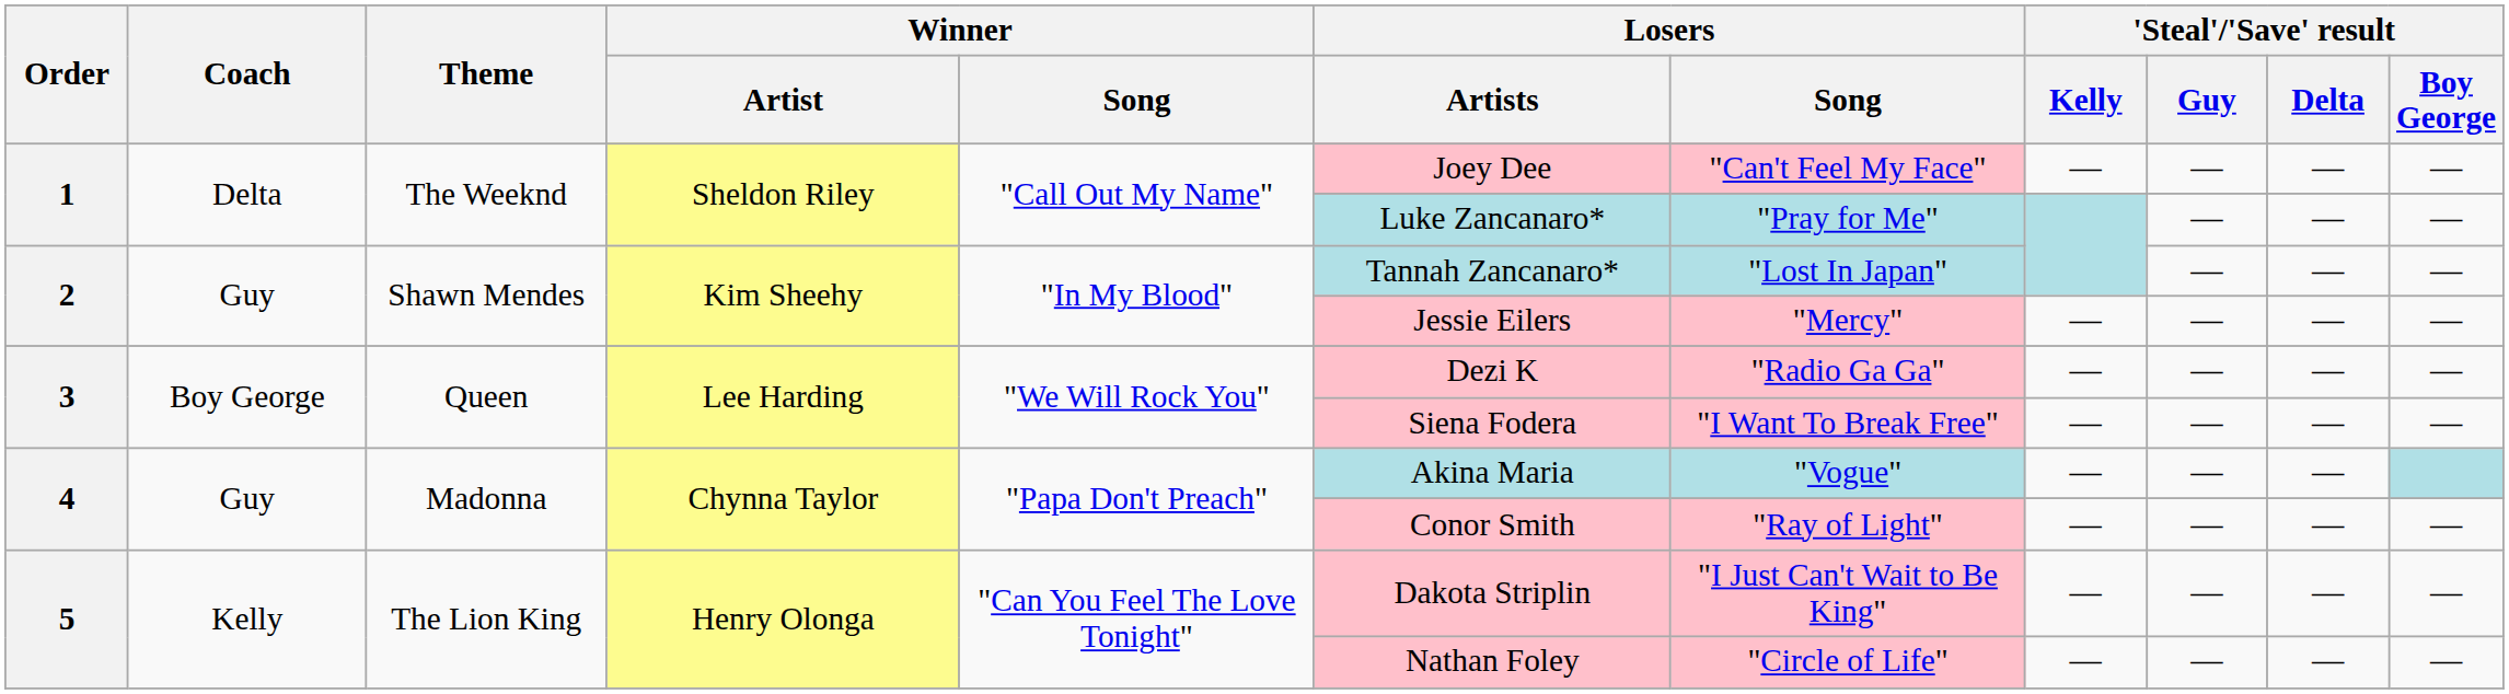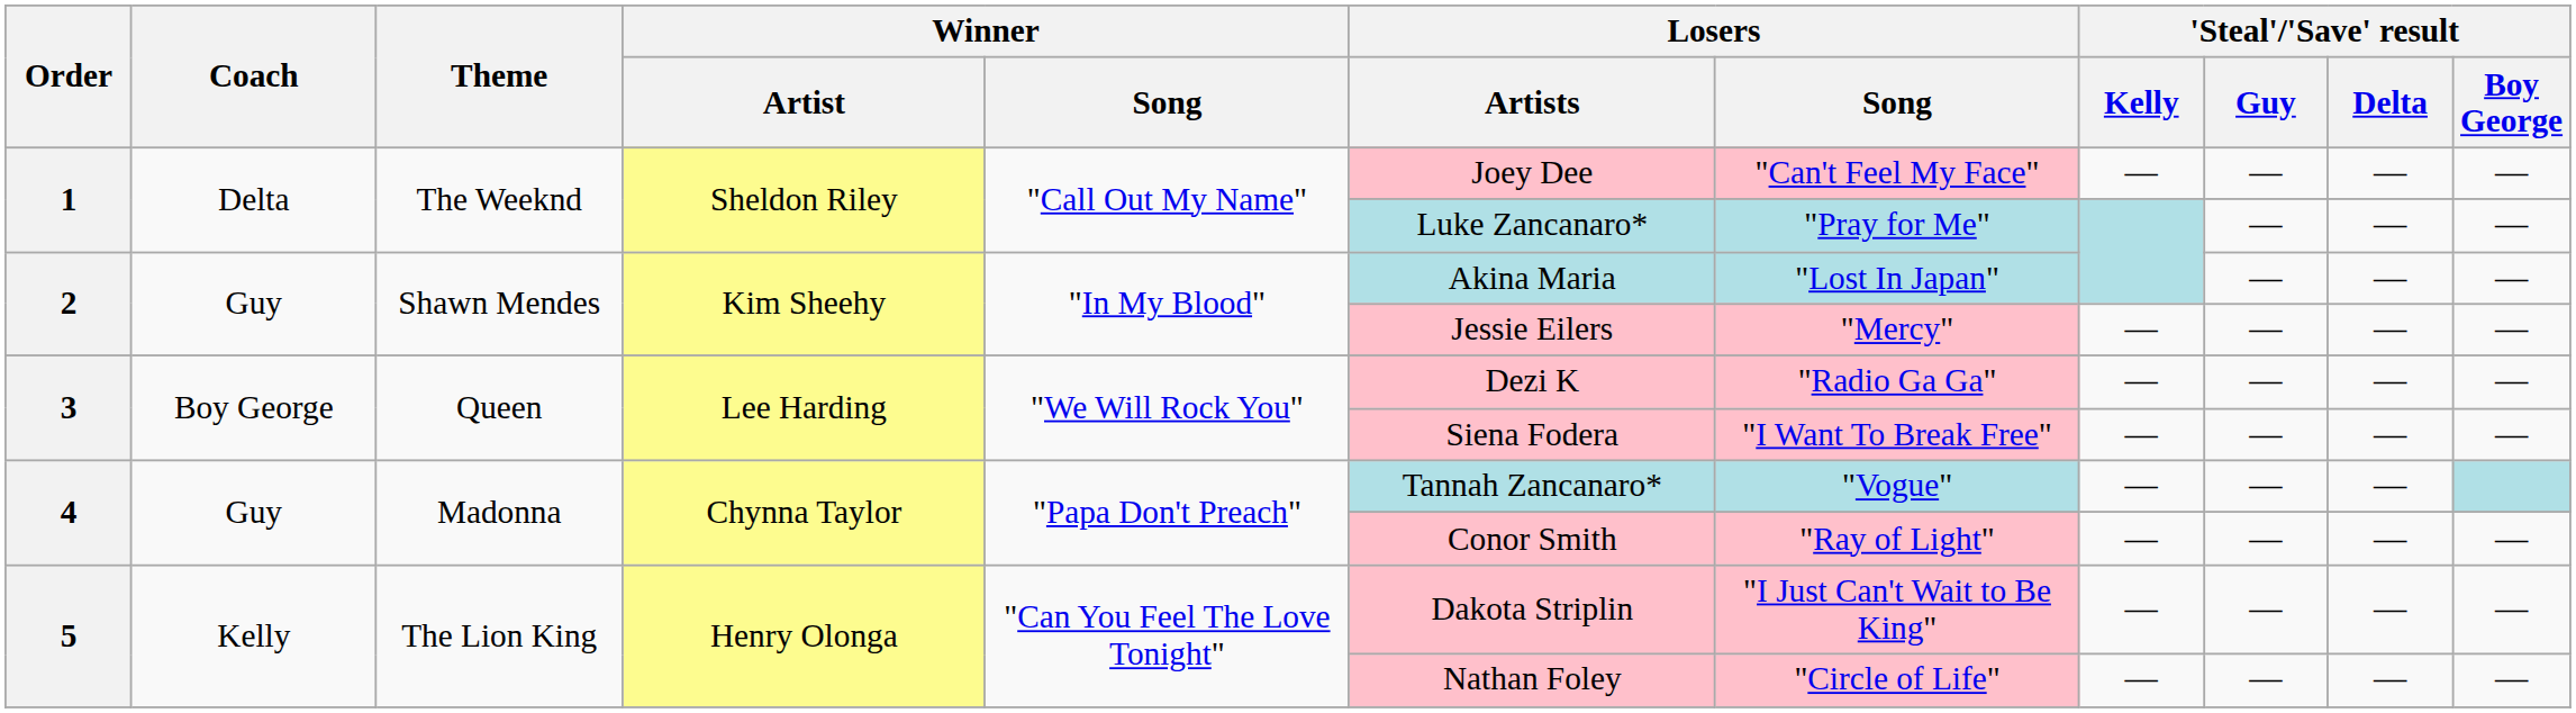 <table class="wikitable" style="text-align: center; width: auto;">
 <tr>
 <th rowspan="2" style="width:5%;">Order</th>
 <th rowspan="2" style="width:10%;">Coach</th>
 <th rowspan="2" style="width:10%;">Theme</th>
 <th colspan="2" style="width:15%;">Winner</th>
 <th colspan="2" style="width:60%;">Losers</th>
 <th colspan="4" style="width:20%;">'Steal'/'Save' result</th>
 </tr>
 <tr>
 <th style="width:15%;">Artist</th>
 <th style="width:15%;">Song</th>
 <th style="width:15%;">Artists</th>
 <th style="width:15%;">Song</th>
 <th style="width:5%;"><a href='#'>Kelly</a></th>
 <th style="width:5%;"><a href='#'>Guy</a></th>
 <th style="width:5%;"><a href='#'>Delta</a></th>
 <th style="width:5%;"><a href='#'>Boy George</a></th>
 </tr>
 <tr>
 <th rowspan="2">1</th>
 <td rowspan="2">Delta</td>
 <td rowspan="2">The Weeknd</td>
 <td rowspan="2" bgcolor="#fdfc8f">Sheldon Riley</td>
 <td rowspan="2">"<a href='#'>Call Out My Name</a>"</td>
 <td bgcolor="pink">Joey Dee</td>
 <td bgcolor="pink">"<a href='#'>Can't Feel My Face</a>"</td>
 <td>—</td>
 <td>—</td>
 <td>—</td>
 <td>—</td>
 </tr>
 <tr>
 <td bgcolor="#B0E0E6">Luke Zancanaro*</td>
 <td bgcolor="#B0E0E6">"<a href='#'>Pray for Me</a>"</td>
 <td rowspan="2" style="background-color:#B0E0E6;"> <strong></strong> </td>
 <td>—</td>
 <td>—</td>
 <td>—</td>
 </tr>
 <tr>
 <th rowspan="2">2</th>
 <td rowspan="2">Guy</td>
 <td rowspan="2">Shawn Mendes</td>
 <td rowspan="2" bgcolor="#fdfc8f">Kim Sheehy</td>
 <td rowspan="2">"<a href='#'>In My Blood</a>"</td>
-<td bgcolor="#B0E0E6">Tannah Zancanaro*</td>
+<td bgcolor="#B0E0E6">Akina Maria</td>
 <td bgcolor="#B0E0E6">"<a href='#'>Lost In Japan</a>"</td>
 <td>—</td>
 <td>—</td>
 <td>—</td>
 </tr>
 <tr>
 <td bgcolor="pink">Jessie Eilers</td>
 <td bgcolor="pink">"<a href='#'>Mercy</a>"</td>
 <td>—</td>
 <td>—</td>
 <td>—</td>
 <td>—</td>
 </tr>
 <tr>
 <th rowspan="2">3</th>
 <td rowspan="2">Boy George</td>
 <td rowspan="2">Queen</td>
 <td rowspan="2" bgcolor="#fdfc8f">Lee Harding</td>
 <td rowspan="2">"<a href='#'>We Will Rock You</a>"</td>
 <td bgcolor="pink">Dezi K</td>
 <td bgcolor="pink">"<a href='#'>Radio Ga Ga</a>"</td>
 <td>—</td>
 <td>—</td>
 <td>—</td>
 <td>—</td>
 </tr>
 <tr>
 <td bgcolor="pink">Siena Fodera</td>
 <td bgcolor="pink">"<a href='#'>I Want To Break Free</a>"</td>
 <td>—</td>
 <td>—</td>
 <td>—</td>
 <td>—</td>
 </tr>
 <tr>
 <th rowspan="2">4</th>
 <td rowspan="2">Guy</td>
 <td rowspan="2">Madonna</td>
 <td rowspan="2" bgcolor="#fdfc8f">Chynna Taylor</td>
 <td rowspan="2">"<a href='#'>Papa Don't Preach</a>"</td>
-<td bgcolor="#B0E0E6">Akina Maria</td>
+<td bgcolor="#B0E0E6">Tannah Zancanaro*</td>
 <td bgcolor="#B0E0E6">"<a href='#'>Vogue</a>"</td>
 <td>—</td>
 <td>—</td>
 <td>—</td>
 <td style="background-color:#B0E0E6;"> <strong></strong> </td>
 </tr>
 <tr>
 <td bgcolor="pink">Conor Smith</td>
 <td bgcolor="pink">"<a href='#'>Ray of Light</a>"</td>
 <td>—</td>
 <td>—</td>
 <td>—</td>
 <td>—</td>
 </tr>
 <tr>
 <th rowspan="2">5</th>
 <td rowspan="2">Kelly</td>
 <td rowspan="2">The Lion King</td>
 <td rowspan="2" bgcolor="#fdfc8f">Henry Olonga</td>
 <td rowspan="2">"<a href='#'>Can You Feel The Love Tonight</a>"</td>
 <td bgcolor="pink">Dakota Striplin</td>
 <td bgcolor="pink">"<a href='#'>I Just Can't Wait to Be King</a>"</td>
 <td>—</td>
 <td>—</td>
 <td>—</td>
 <td>—</td>
 </tr>
 <tr>
 <td bgcolor="pink">Nathan Foley</td>
 <td bgcolor="pink">"<a href='#'>Circle of Life</a>"</td>
 <td>—</td>
 <td>—</td>
 <td>—</td>
 <td>—</td>
 </tr>
 </table>
